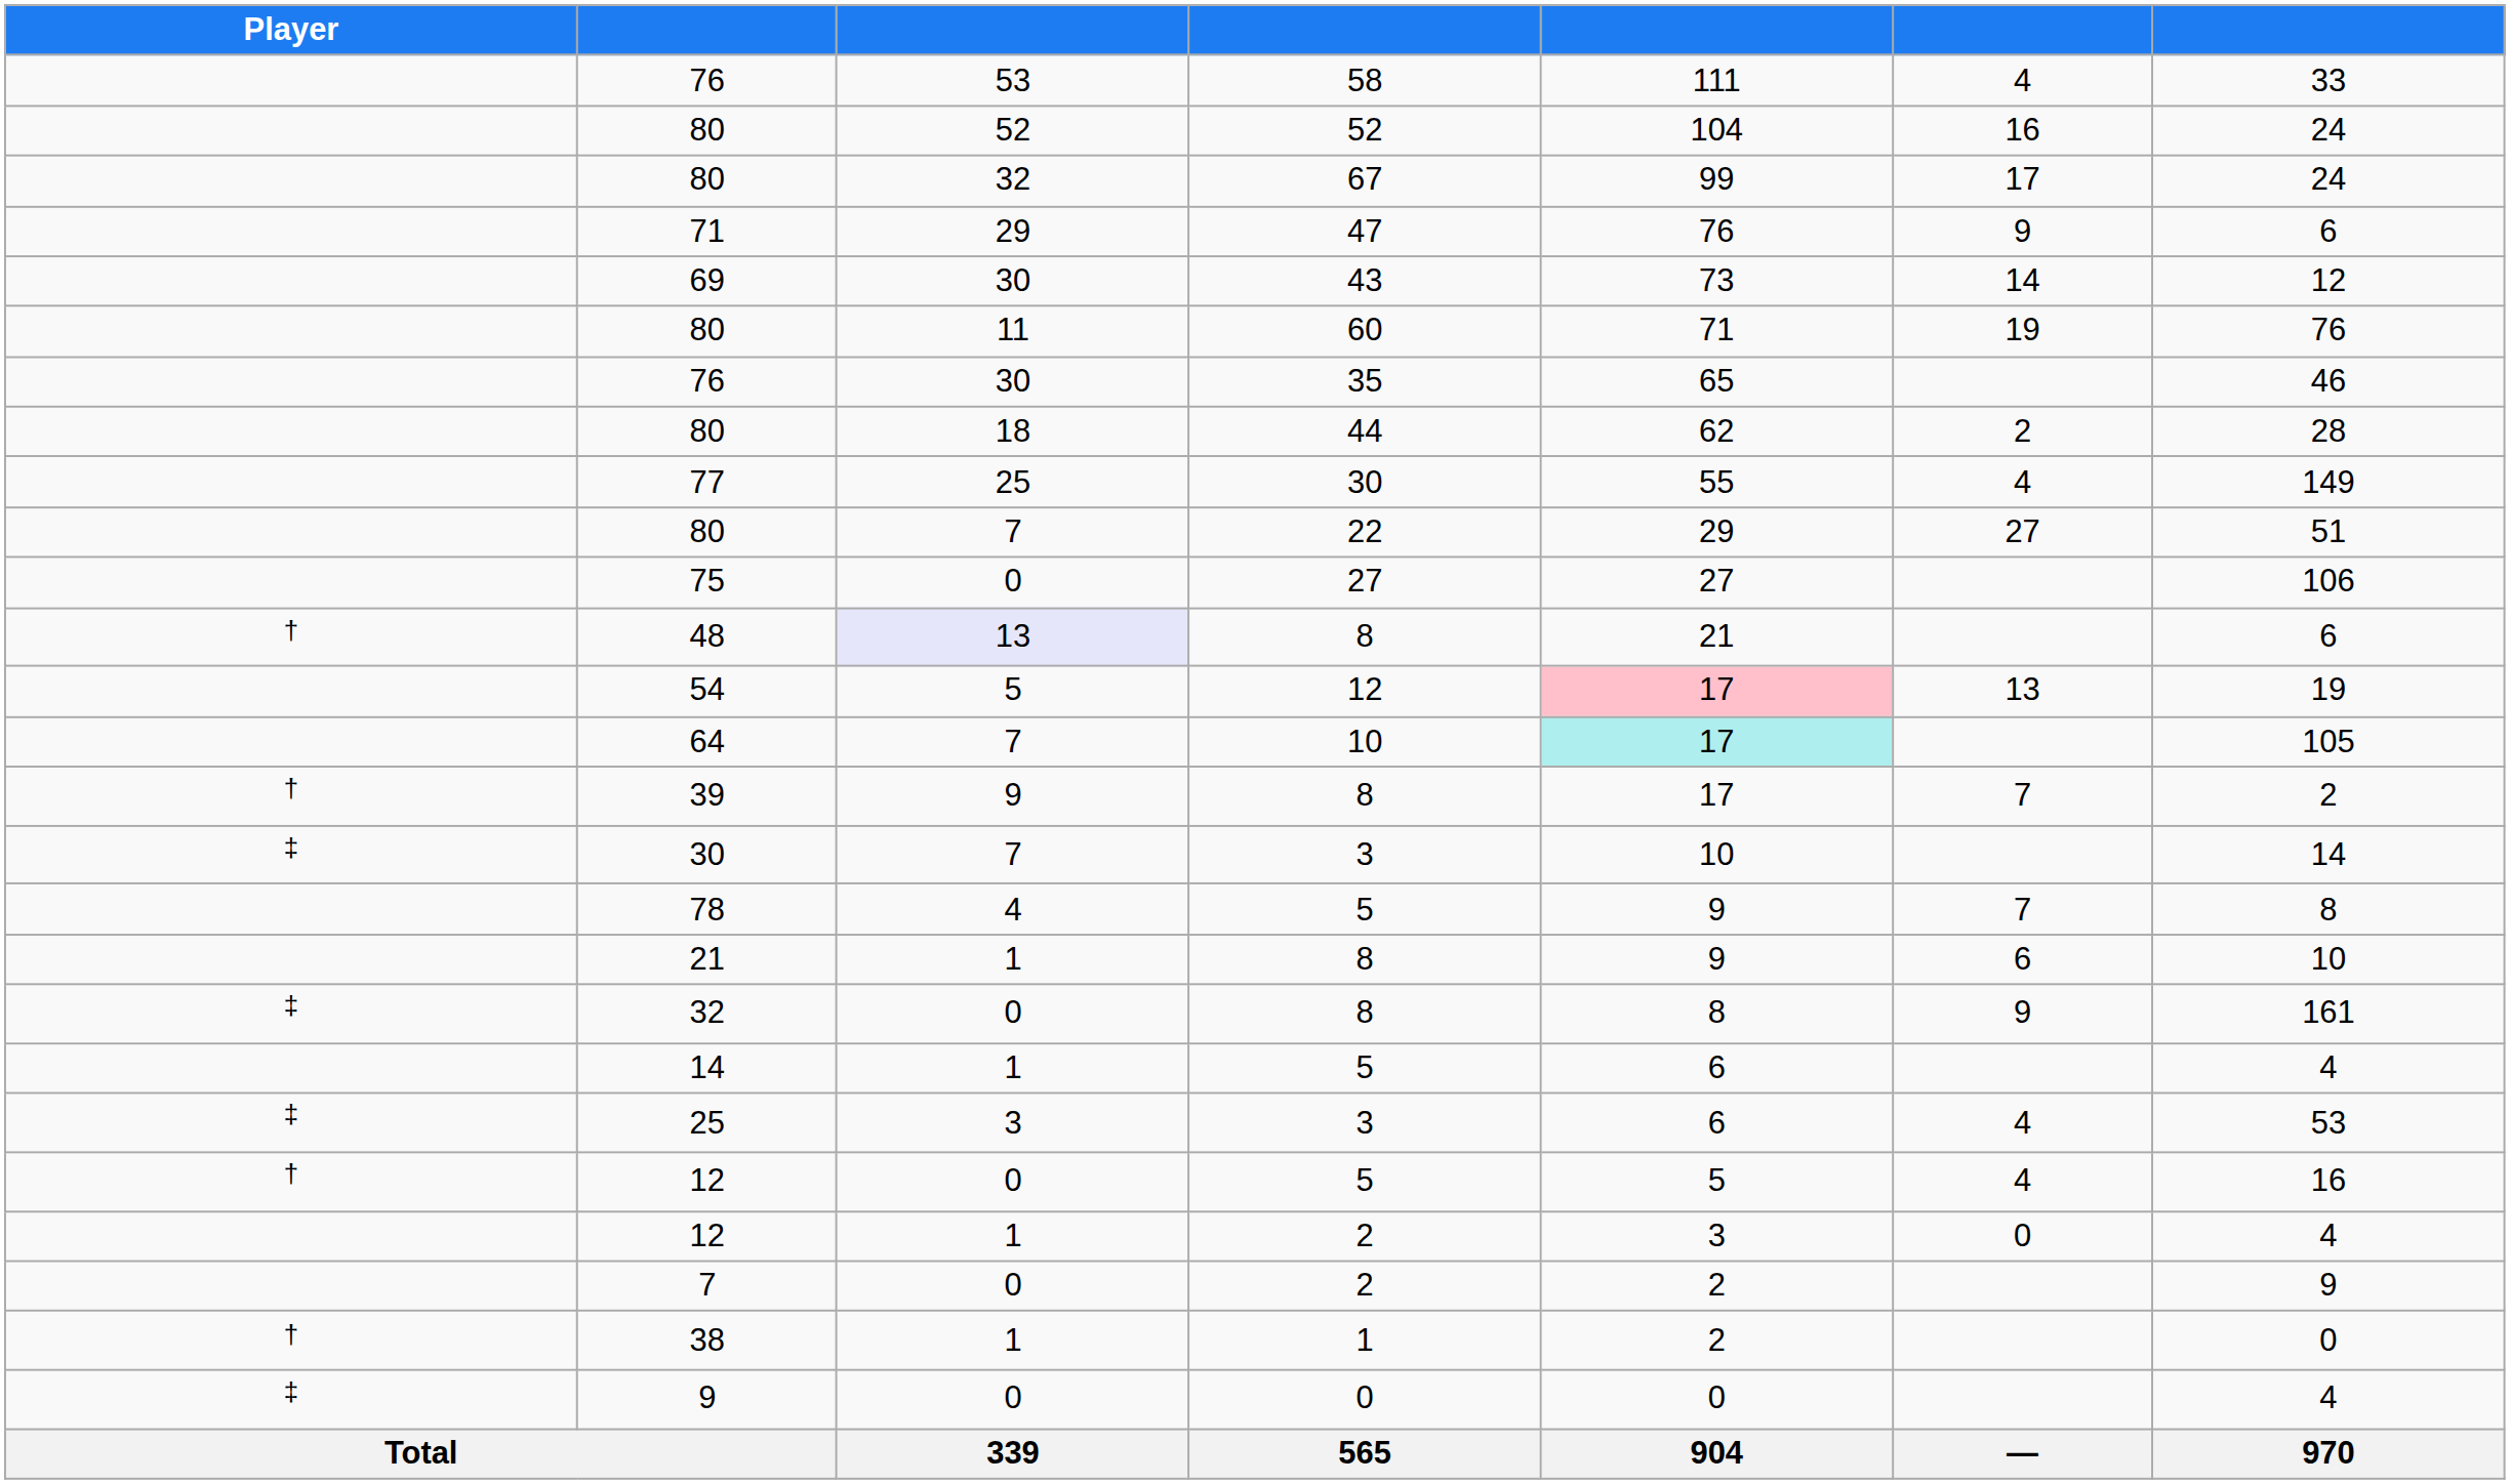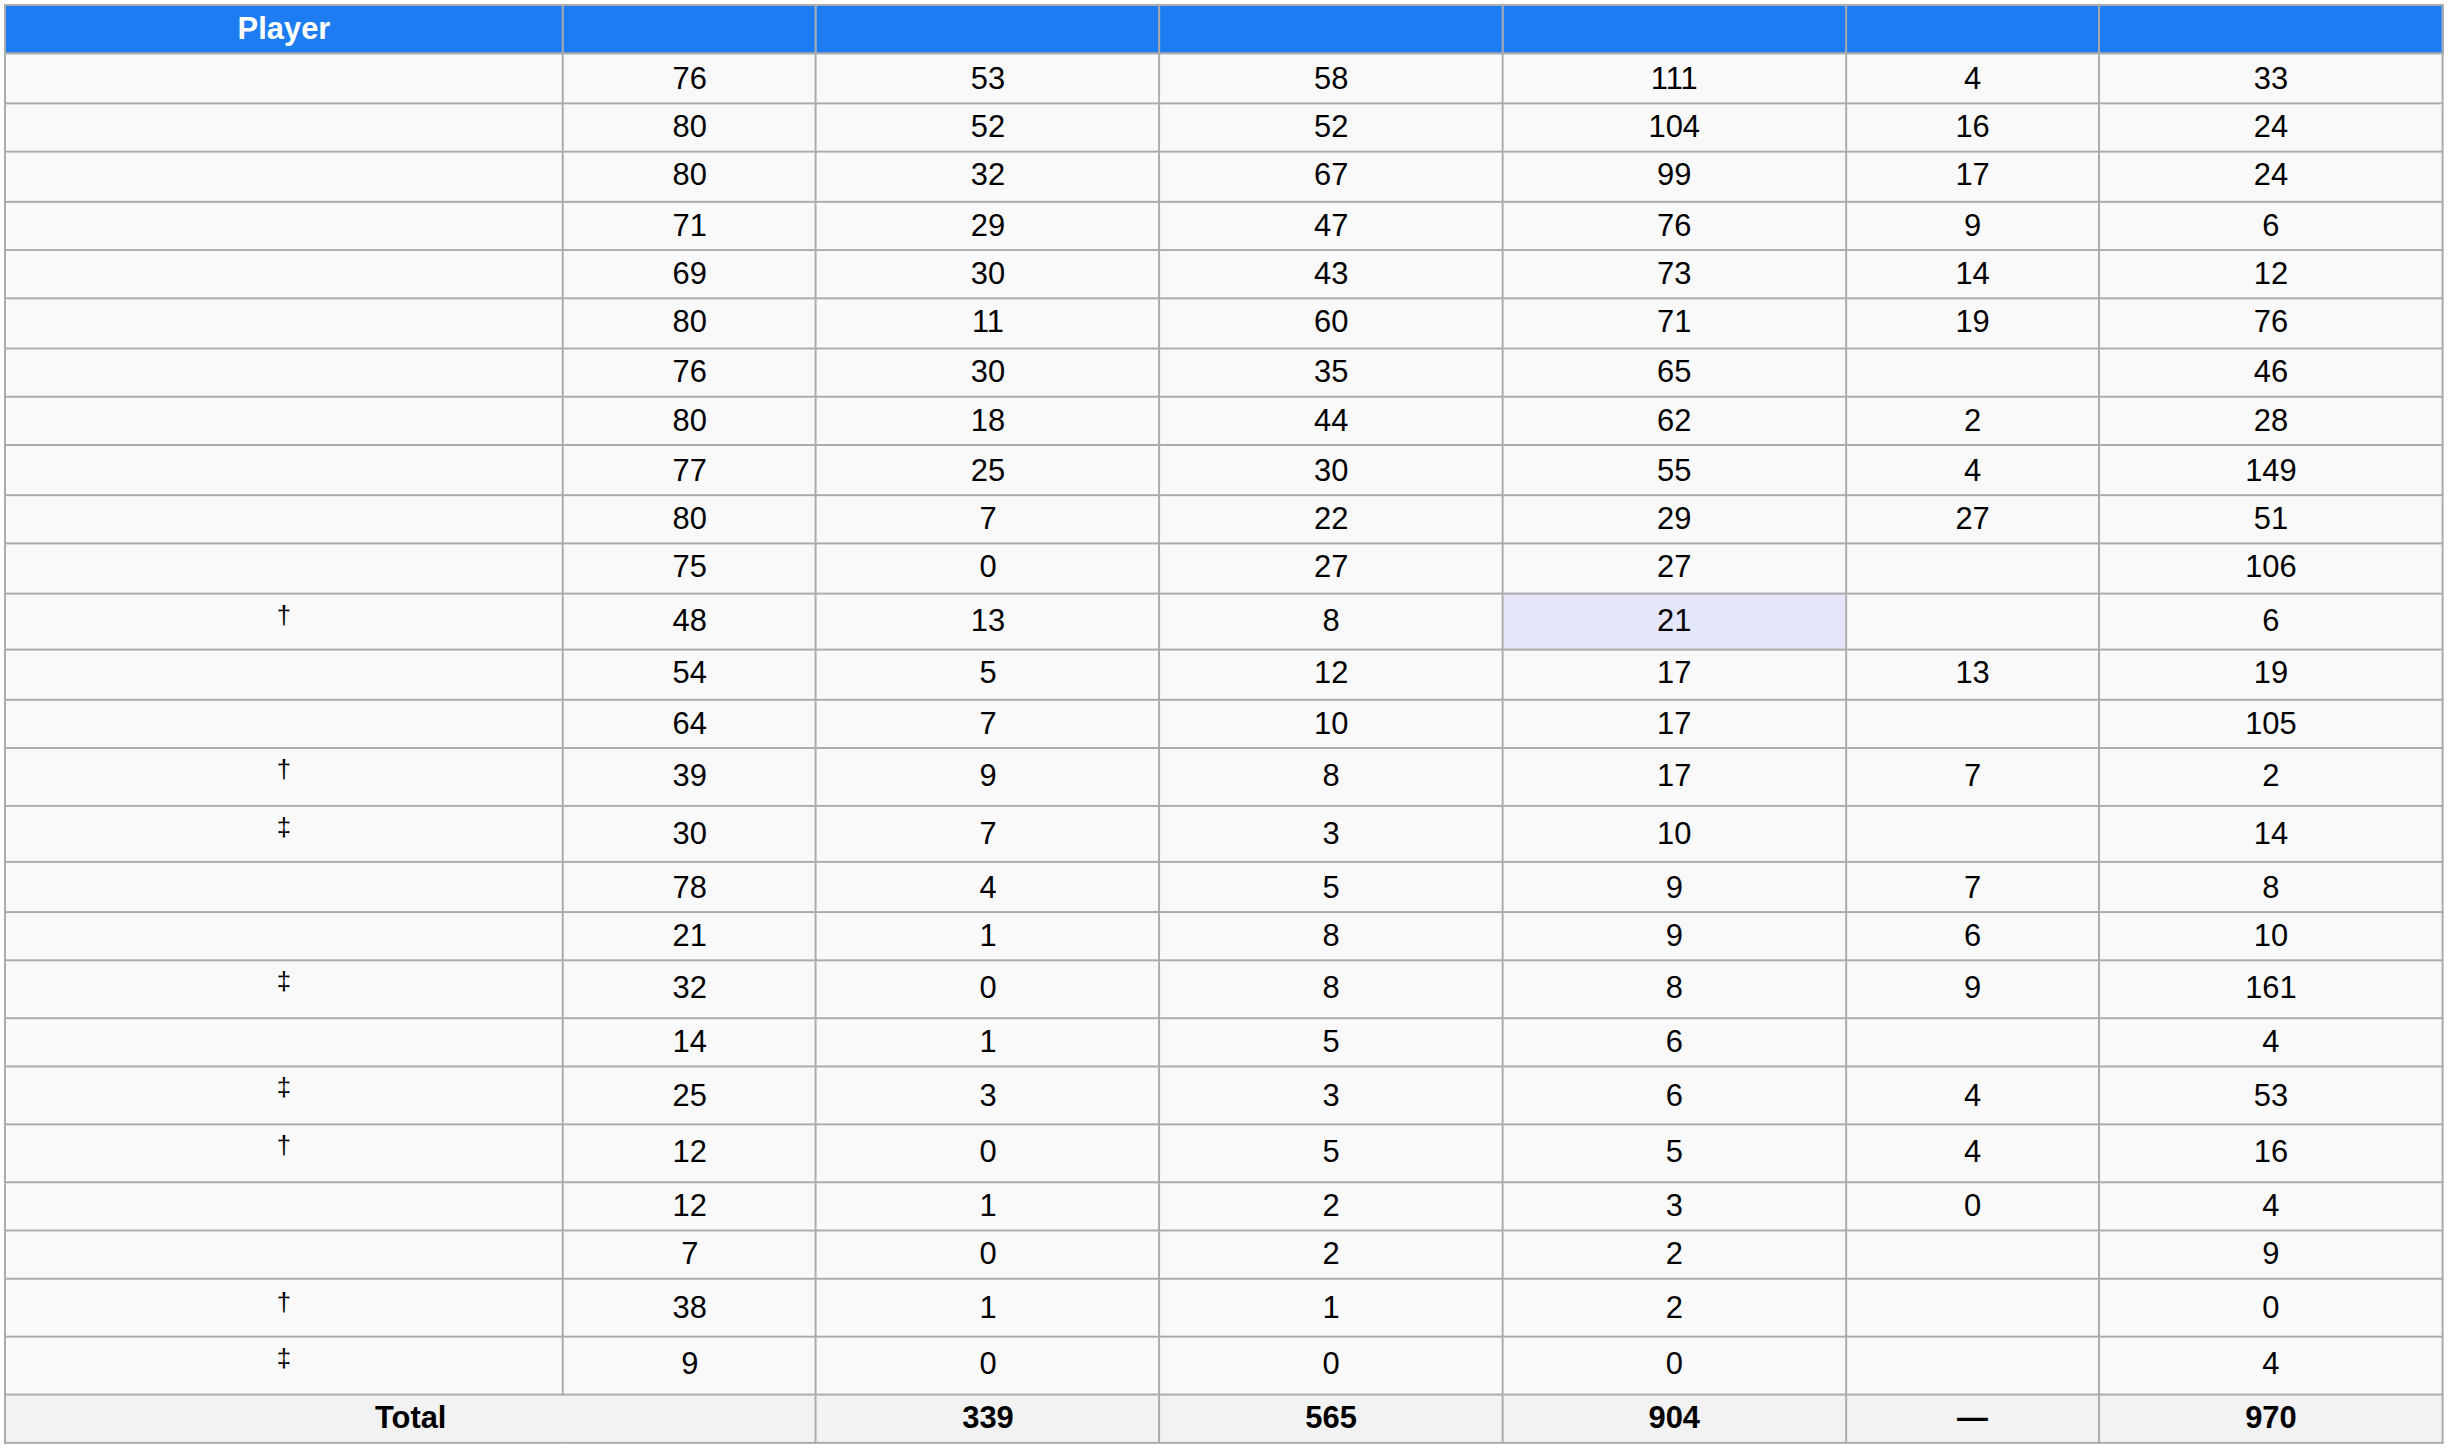 <table class="wikitable sortable" style="width:100%; text-align:center;">
 <tr align=center>
 <th style="color:white; background:#1D7CF2; ">Player</th>
 <th style="color:white; background:#1D7CF2; "></th>
 <th style="color:white; background:#1D7CF2; "></th>
 <th style="color:white; background:#1D7CF2; "></th>
 <th style="color:white; background:#1D7CF2; "></th>
 <th style="color:white; background:#1D7CF2; "></th>
 <th style="color:white; background:#1D7CF2; "></th>
 </tr>
 <tr>
 <td></td>
 <td>76</td>
 <td>53</td>
 <td>58</td>
 <td>111</td>
 <td>4</td>
 <td>33</td>
 </tr>
 <tr>
 <td></td>
 <td>80</td>
 <td>52</td>
 <td>52</td>
 <td>104</td>
 <td>16</td>
 <td>24</td>
 </tr>
 <tr>
 <td></td>
 <td>80</td>
 <td>32</td>
 <td>67</td>
 <td>99</td>
 <td>17</td>
 <td>24</td>
 </tr>
 <tr>
 <td></td>
 <td>71</td>
 <td>29</td>
 <td>47</td>
 <td>76</td>
 <td>9</td>
 <td>6</td>
 </tr>
 <tr>
 <td></td>
 <td>69</td>
 <td>30</td>
 <td>43</td>
 <td>73</td>
 <td>14</td>
 <td>12</td>
 </tr>
 <tr>
 <td></td>
 <td>80</td>
 <td>11</td>
 <td>60</td>
 <td>71</td>
 <td>19</td>
 <td>76</td>
 </tr>
 <tr>
 <td></td>
 <td>76</td>
 <td>30</td>
 <td>35</td>
 <td>65</td>
 <td></td>
 <td>46</td>
 </tr>
 <tr>
 <td></td>
 <td>80</td>
 <td>18</td>
 <td>44</td>
 <td>62</td>
 <td>2</td>
 <td>28</td>
 </tr>
 <tr>
 <td></td>
 <td>77</td>
 <td>25</td>
 <td>30</td>
 <td>55</td>
 <td>4</td>
 <td>149</td>
 </tr>
 <tr>
 <td></td>
 <td>80</td>
 <td>7</td>
 <td>22</td>
 <td>29</td>
 <td>27</td>
 <td>51</td>
 </tr>
 <tr>
 <td></td>
 <td>75</td>
 <td>0</td>
 <td>27</td>
 <td>27</td>
 <td></td>
 <td>106</td>
 </tr>
 <tr>
 <td><sup>†</sup></td>
 <td>48</td>
-<td style="background: lavender;">13</td>
+<td>13</td>
 <td>8</td>
-<td>21</td>
+<td style="background: lavender;">21</td>
 <td></td>
 <td>6</td>
 </tr>
 <tr>
 <td></td>
 <td>54</td>
 <td>5</td>
 <td>12</td>
-<td style="background: pink;">17</td>
+<td>17</td>
 <td>13</td>
 <td>19</td>
 </tr>
 <tr>
 <td></td>
 <td>64</td>
 <td>7</td>
 <td>10</td>
-<td style="background: paleturquoise;">17</td>
+<td>17</td>
 <td></td>
 <td>105</td>
 </tr>
 <tr>
 <td><sup>†</sup></td>
 <td>39</td>
 <td>9</td>
 <td>8</td>
 <td>17</td>
 <td>7</td>
 <td>2</td>
 </tr>
 <tr>
 <td><sup>‡</sup></td>
 <td>30</td>
 <td>7</td>
 <td>3</td>
 <td>10</td>
 <td></td>
 <td>14</td>
 </tr>
 <tr>
 <td></td>
 <td>78</td>
 <td>4</td>
 <td>5</td>
 <td>9</td>
 <td>7</td>
 <td>8</td>
 </tr>
 <tr>
 <td></td>
 <td>21</td>
 <td>1</td>
 <td>8</td>
 <td>9</td>
 <td>6</td>
 <td>10</td>
 </tr>
 <tr>
 <td><sup>‡</sup></td>
 <td>32</td>
 <td>0</td>
 <td>8</td>
 <td>8</td>
 <td>9</td>
 <td>161</td>
 </tr>
 <tr>
 <td></td>
 <td>14</td>
 <td>1</td>
 <td>5</td>
 <td>6</td>
 <td></td>
 <td>4</td>
 </tr>
 <tr>
 <td><sup>‡</sup></td>
 <td>25</td>
 <td>3</td>
 <td>3</td>
 <td>6</td>
 <td>4</td>
 <td>53</td>
 </tr>
 <tr>
 <td><sup>†</sup></td>
 <td>12</td>
 <td>0</td>
 <td>5</td>
 <td>5</td>
 <td>4</td>
 <td>16</td>
 </tr>
 <tr>
 <td></td>
 <td>12</td>
 <td>1</td>
 <td>2</td>
 <td>3</td>
 <td>0</td>
 <td>4</td>
 </tr>
 <tr>
 <td></td>
 <td>7</td>
 <td>0</td>
 <td>2</td>
 <td>2</td>
 <td></td>
 <td>9</td>
 </tr>
 <tr>
 <td><sup>†</sup></td>
 <td>38</td>
 <td>1</td>
 <td>1</td>
 <td>2</td>
 <td></td>
 <td>0</td>
 </tr>
 <tr>
 <td><sup>‡</sup></td>
 <td>9</td>
 <td>0</td>
 <td>0</td>
 <td>0</td>
 <td></td>
 <td>4</td>
 </tr>
 <tr class="sortbottom">
 <th colspan=2>Total</th>
 <th>339</th>
 <th>565</th>
 <th>904</th>
 <th>—</th>
 <th>970</th>
 </tr>
 </table>
